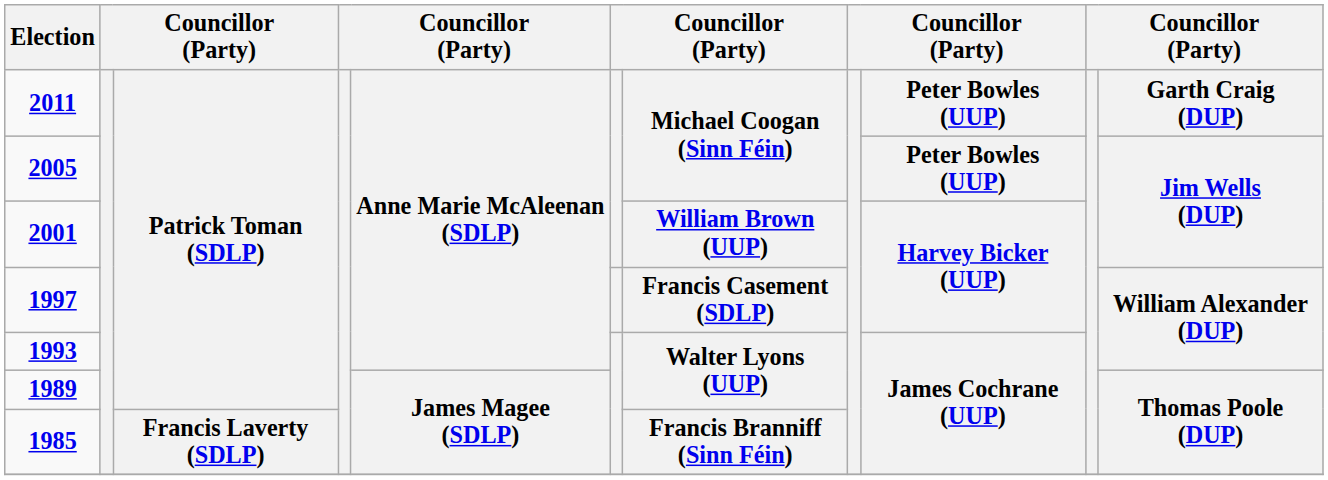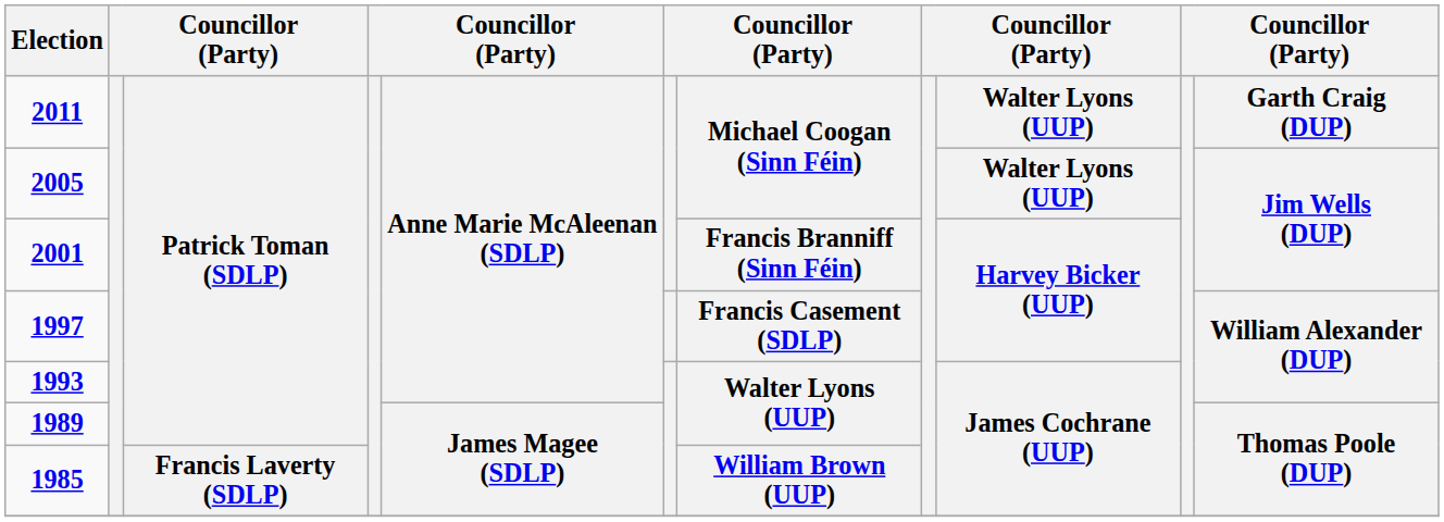 <table class="wikitable" style="text-align:center">
 <tr>
 <th scope="col" width="50">Election</th>
 <th scope="col" width="150" colspan = "2">Councillor<br> (Party)</th>
 <th scope="col" width="150" colspan = "2">Councillor<br> (Party)</th>
 <th scope="col" width="150" colspan = "2">Councillor<br> (Party)</th>
 <th scope="col" width="150" colspan = "2">Councillor<br> (Party)</th>
 <th scope="col" width="150" colspan = "2">Councillor<br> (Party)</th>
 </tr>
 <tr>
 <td><strong><a href='#'>2011</a></strong></td>
 <th rowspan="7" width="1" style="background-color: "></th>
 <th rowspan = "6">Patrick Toman <br> (<a href='#'>SDLP</a>)</th>
 <th rowspan="7" width="1" style="background-color: "></th>
 <th rowspan = "5">Anne Marie McAleenan <br> (<a href='#'>SDLP</a>)</th>
 <th rowspan="3" width="1" style="background-color: "></th>
 <th rowspan = "2">Michael Coogan <br> (<a href='#'>Sinn Féin</a>)</th>
 <th rowspan="7" width="1" style="background-color: "></th>
-<th rowspan = "1">Peter Bowles <br> (<a href='#'>UUP</a>)</th>
+<th rowspan = "1">Walter Lyons <br> (<a href='#'>UUP</a>)</th>
 <th rowspan="7" width="1" style="background-color: "></th>
 <th rowspan = "1">Garth Craig <br> (<a href='#'>DUP</a>)</th>
 </tr>
 <tr>
 <td><strong><a href='#'>2005</a></strong></td>
-<th rowspan = "1">Peter Bowles <br> (<a href='#'>UUP</a>)</th>
+<th rowspan = "1">Walter Lyons <br> (<a href='#'>UUP</a>)</th>
 <th rowspan = "2"><a href='#'>Jim Wells</a> <br> (<a href='#'>DUP</a>)</th>
 </tr>
 <tr>
 <td><strong><a href='#'>2001</a></strong></td>
-<th rowspan = "1"><a href='#'>William Brown</a> <br> (<a href='#'>UUP</a>)</th>
+<th rowspan = "1">Francis Branniff <br> (<a href='#'>Sinn Féin</a>)</th>
 <th rowspan = "2"><a href='#'>Harvey Bicker</a> <br> (<a href='#'>UUP</a>)</th>
 </tr>
 <tr>
 <td><strong><a href='#'>1997</a></strong></td>
 <th rowspan="1" width="1" style="background-color: "></th>
 <th rowspan = "1">Francis Casement <br> (<a href='#'>SDLP</a>)</th>
 <th rowspan = "2">William Alexander <br> (<a href='#'>DUP</a>)</th>
 </tr>
 <tr>
 <td><strong><a href='#'>1993</a></strong></td>
 <th rowspan="3" width="1" style="background-color: "></th>
 <th rowspan = "2">Walter Lyons <br> (<a href='#'>UUP</a>)</th>
 <th rowspan = "3">James Cochrane <br> (<a href='#'>UUP</a>)</th>
 </tr>
 <tr>
 <td><strong><a href='#'>1989</a></strong></td>
 <th rowspan = "2">James Magee <br> (<a href='#'>SDLP</a>)</th>
 <th rowspan = "2">Thomas Poole <br> (<a href='#'>DUP</a>)</th>
 </tr>
 <tr>
 <td><strong><a href='#'>1985</a></strong></td>
 <th rowspan = "1">Francis Laverty <br> (<a href='#'>SDLP</a>)</th>
-<th rowspan = "1">Francis Branniff <br> (<a href='#'>Sinn Féin</a>)</th>
+<th rowspan = "1"><a href='#'>William Brown</a> <br> (<a href='#'>UUP</a>)</th>
 </tr>
 <tr>
 </tr>
 </table>
